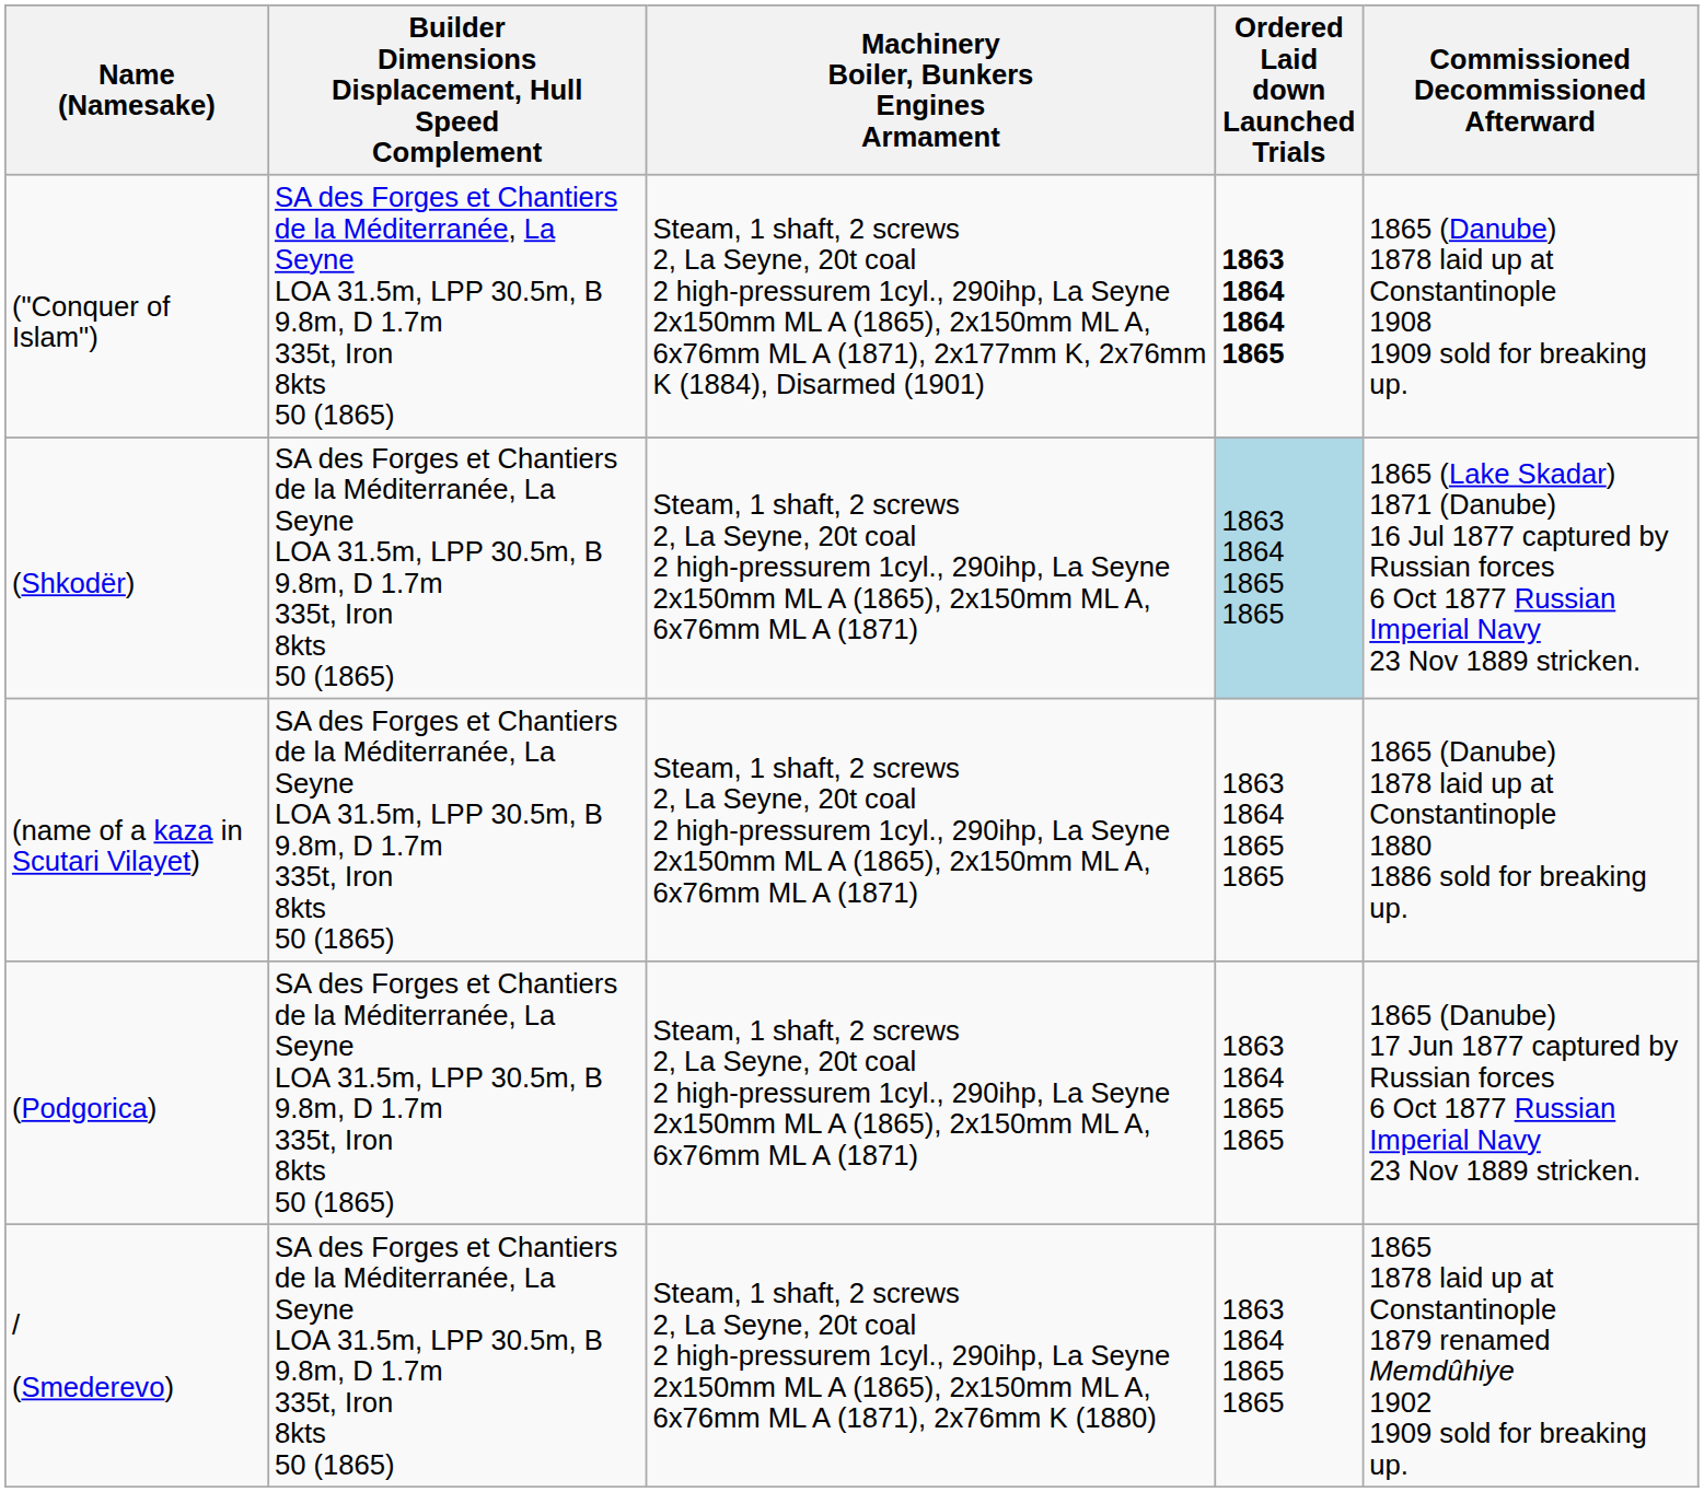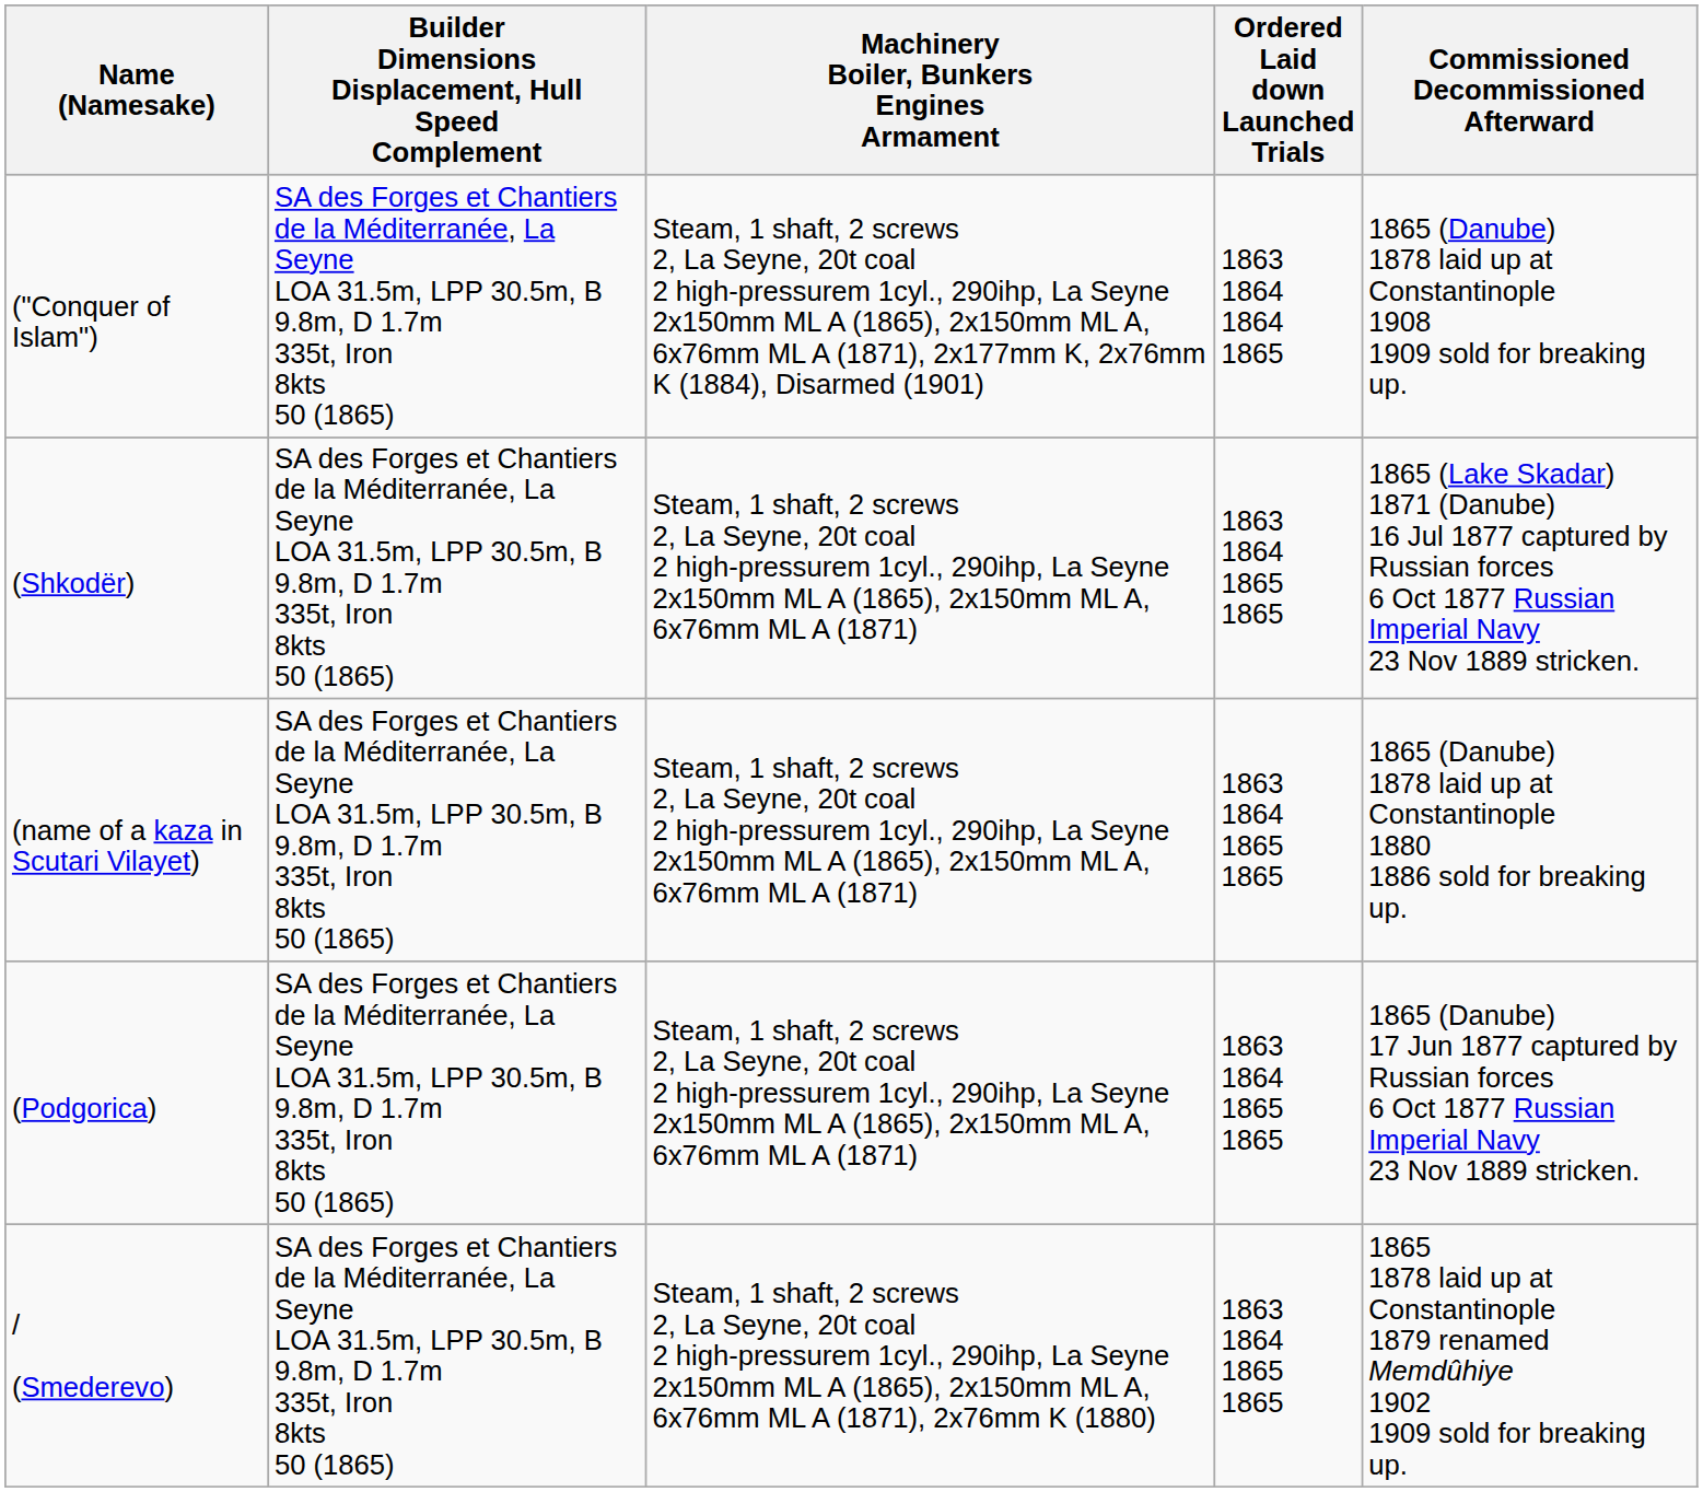 <table class="wikitable" style="font-size:90%;">
 <tr bgcolor="#e6e9ff">
 <th>Name<br>(Namesake)</th>
 <th>Builder<br>Dimensions<br>Displacement, Hull<br>Speed<br>Complement</th>
 <th>Machinery<br>Boiler, Bunkers<br>Engines<br>Armament</th>
 <th>Ordered<br>Laid down<br>Launched<br>Trials</th>
 <th>Commissioned<br>Decommissioned<br>Afterward</th>
 </tr>
 <tr ---->
 <td><br>("Conquer of Islam")</td>
 <td> <a href='#'>SA des Forges et Chantiers de la Méditerranée</a>, <a href='#'>La Seyne</a><br>LOA 31.5m, LPP 30.5m, B 9.8m, D 1.7m<br>335t, Iron<br>8kts<br>50 (1865)</td>
 <td>Steam, 1 shaft, 2 screws<br>2, La Seyne, 20t coal<br>2 high-pressurem 1cyl., 290ihp, La Seyne<br>2x150mm ML A (1865), 2x150mm ML A, 6x76mm ML A (1871), 2x177mm K, 2x76mm K (1884), Disarmed (1901)</td>
-<td><strong>1863<br>1864<br>1864<br>1865</strong></td>
+<td>1863<br>1864<br>1864<br>1865</td>
 <td>1865 (<a href='#'>Danube</a>)<br>1878 laid up at Constantinople<br>1908<br>1909 sold for breaking up.</td>
 </tr>
 <tr ---->
 <td><br>(<a href='#'>Shkodër</a>)</td>
 <td> SA des Forges et Chantiers de la Méditerranée, La Seyne<br>LOA 31.5m, LPP 30.5m, B 9.8m, D 1.7m<br>335t, Iron<br>8kts<br>50 (1865)</td>
 <td>Steam, 1 shaft, 2 screws<br>2, La Seyne, 20t coal<br>2 high-pressurem 1cyl., 290ihp, La Seyne<br>2x150mm ML A (1865), 2x150mm ML A, 6x76mm ML A (1871)</td>
-<td style="background: lightblue;">1863<br>1864<br>1865<br>1865</td>
+<td>1863<br>1864<br>1865<br>1865</td>
 <td>1865 (<a href='#'>Lake Skadar</a>)<br>1871 (Danube)<br>16 Jul 1877 captured by Russian forces<br> 6 Oct 1877 <a href='#'>Russian Imperial Navy</a> <br>23 Nov 1889 stricken.</td>
 </tr>
 <tr ---->
 <td><br>(name of a <a href='#'>kaza</a> in <a href='#'>Scutari Vilayet</a>)</td>
 <td> SA des Forges et Chantiers de la Méditerranée, La Seyne<br>LOA 31.5m, LPP 30.5m, B 9.8m, D 1.7m<br>335t, Iron<br>8kts<br>50 (1865)</td>
 <td>Steam, 1 shaft, 2 screws<br>2, La Seyne, 20t coal<br>2 high-pressurem 1cyl., 290ihp, La Seyne<br>2x150mm ML A (1865), 2x150mm ML A, 6x76mm ML A (1871)</td>
 <td>1863<br>1864<br>1865<br>1865</td>
 <td>1865 (Danube)<br>1878 laid up at Constantinople<br>1880<br>1886 sold for breaking up.</td>
 </tr>
 <tr ---->
 <td><br>(<a href='#'>Podgorica</a>)</td>
 <td> SA des Forges et Chantiers de la Méditerranée, La Seyne<br>LOA 31.5m, LPP 30.5m, B 9.8m, D 1.7m<br>335t, Iron<br>8kts<br>50 (1865)</td>
 <td>Steam, 1 shaft, 2 screws<br>2, La Seyne, 20t coal<br>2 high-pressurem 1cyl., 290ihp, La Seyne<br>2x150mm ML A (1865), 2x150mm ML A, 6x76mm ML A (1871)</td>
 <td>1863<br>1864<br>1865<br>1865</td>
 <td>1865 (Danube)<br>17 Jun 1877 captured by Russian forces<br> 6 Oct 1877 <a href='#'>Russian Imperial Navy</a> <br>23 Nov 1889 stricken.</td>
 </tr>
 <tr ---->
 <td>/<br><br>(<a href='#'>Smederevo</a>)</td>
 <td> SA des Forges et Chantiers de la Méditerranée, La Seyne<br>LOA 31.5m, LPP 30.5m, B 9.8m, D 1.7m<br>335t, Iron<br>8kts<br>50 (1865)</td>
 <td>Steam, 1 shaft, 2 screws<br>2, La Seyne, 20t coal<br>2 high-pressurem 1cyl., 290ihp, La Seyne<br>2x150mm ML A (1865), 2x150mm ML A, 6x76mm ML A (1871), 2x76mm K (1880)</td>
 <td>1863<br>1864<br>1865<br>1865</td>
 <td>1865<br>1878 laid up at Constantinople<br>1879 renamed <em>Memdûhiye</em><br>1902<br>1909 sold for breaking up.</td>
 </tr>
 <tr ---->
 </tr>
 </table>
